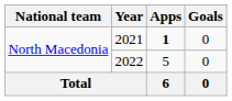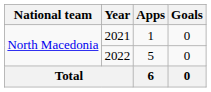 <table class=wikitable style=text-align:center>
 <tr>
 <th>National team</th>
 <th>Year</th>
 <th>Apps</th>
 <th>Goals</th>
 </tr>
 <tr>
 <td rowspan=2><a href='#'>North Macedonia</a></td>
 <td>2021</td>
-<td><strong>1</strong></td>
+<td>1</td>
 <td>0</td>
 </tr>
 <tr>
 <td>2022</td>
 <td>5</td>
 <td>0</td>
 </tr>
 <tr>
 <th colspan=2>Total</th>
 <th>6</th>
 <th>0</th>
 </tr>
 </table>
